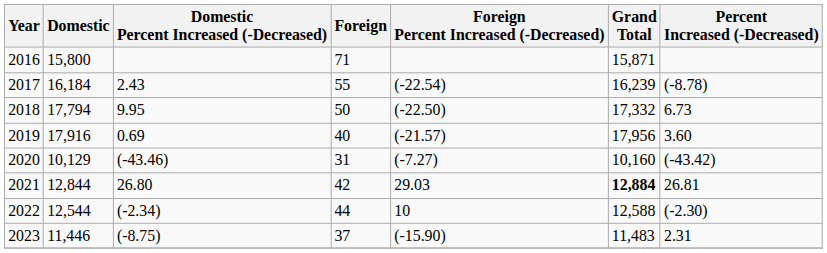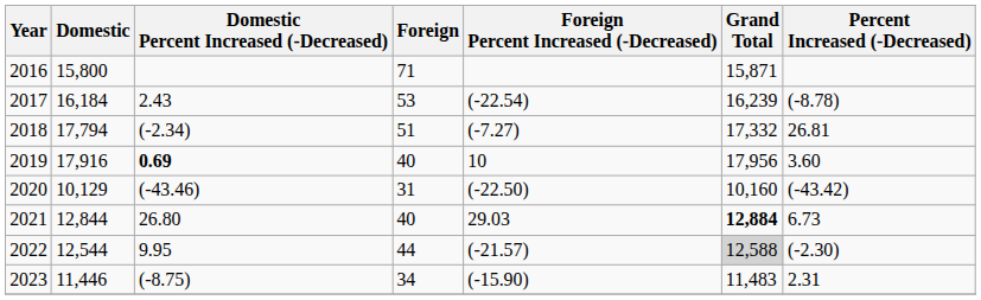 <table class="wikitable sortable">
 <tr>
 <th>Year</th>
 <th>Domestic</th>
 <th>Domestic<br>Percent Increased (-Decreased)</th>
 <th>Foreign</th>
 <th>Foreign<br>Percent Increased (-Decreased)</th>
 <th>Grand<br>Total</th>
 <th>Percent<br>Increased (-Decreased)</th>
 </tr>
 <tr>
 <td>2016</td>
 <td>15,800</td>
 <td></td>
 <td>71</td>
 <td></td>
 <td>15,871</td>
 <td></td>
 </tr>
 <tr>
 <td>2017</td>
 <td>16,184</td>
 <td>2.43</td>
-<td>55</td>
+<td>53</td>
 <td>(-22.54)</td>
 <td>16,239</td>
 <td>(-8.78)</td>
 </tr>
 <tr>
 <td>2018</td>
 <td>17,794</td>
-<td>9.95</td>
-<td>50</td>
-<td>(-22.50)</td>
+<td>(-2.34)</td>
+<td>51</td>
+<td>(-7.27)</td>
 <td>17,332</td>
-<td>6.73</td>
+<td>26.81</td>
 </tr>
 <tr>
 <td>2019</td>
 <td>17,916</td>
-<td>0.69</td>
+<td><strong>0.69</strong></td>
 <td>40</td>
-<td>(-21.57)</td>
+<td>10</td>
 <td>17,956</td>
 <td>3.60</td>
 </tr>
 <tr>
 <td>2020</td>
 <td>10,129</td>
 <td>(-43.46)</td>
 <td>31</td>
-<td>(-7.27)</td>
+<td>(-22.50)</td>
 <td>10,160</td>
 <td>(-43.42)</td>
 </tr>
 <tr>
 <td>2021</td>
 <td>12,844</td>
 <td>26.80</td>
-<td>42</td>
+<td>40</td>
 <td>29.03</td>
 <td><strong>12,884</strong></td>
-<td>26.81</td>
+<td>6.73</td>
 </tr>
 <tr>
 <td>2022</td>
 <td>12,544</td>
-<td>(-2.34)</td>
+<td>9.95</td>
 <td>44</td>
-<td>10</td>
-<td>12,588</td>
+<td>(-21.57)</td>
+<td style="background: lightgrey;">12,588</td>
 <td>(-2.30)</td>
 </tr>
 <tr>
 <td>2023</td>
 <td>11,446</td>
 <td>(-8.75)</td>
-<td>37</td>
+<td>34</td>
 <td>(-15.90)</td>
 <td>11,483</td>
 <td>2.31</td>
 </tr>
 <tr>
 </tr>
 </table>
